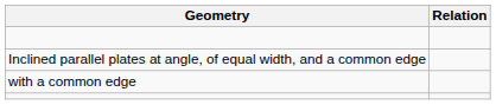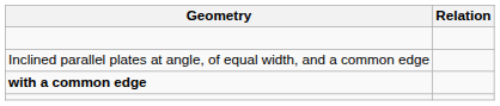 <table class="wikitable">
 <tr>
 <th scope="col">Geometry</th>
 <th scope="col">Relation</th>
 </tr>
 <tr>
 <td></td>
 <td><br></td>
 </tr>
 <tr>
 <td>Inclined parallel plates at angle,  of equal width,  and a common edge</td>
 <td></td>
 </tr>
 <tr>
-<td> with a common edge</td>
+<td><strong> with a common edge</strong></td>
 <td></td>
 </tr>
 <tr>
 <td></td>
 <td></td>
 </tr>
 </table>
